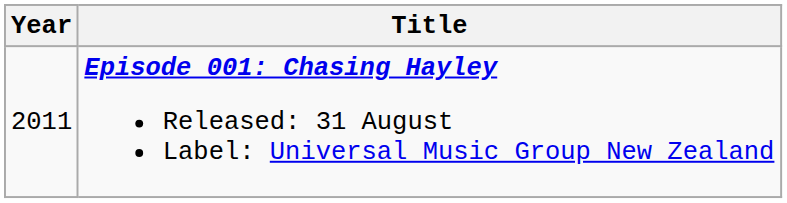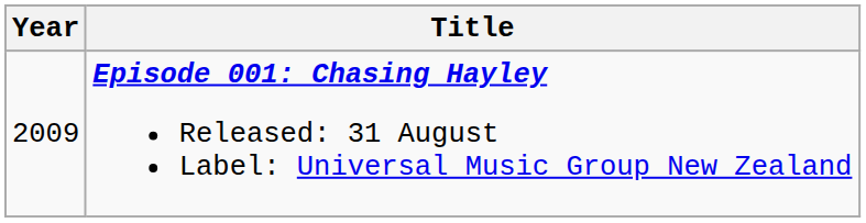 <table class="wikitable">
 <tr>
 <th>Year</th>
 <th>Title</th>
 </tr>
 <tr>
-<td>2011</td>
+<td>2009</td>
 <td><strong><em><a href='#'>Episode 001: Chasing Hayley</a></em></strong><br><ul><li>Released: 31 August</li><li>Label: <a href='#'>Universal Music Group New Zealand</a></li></ul></td>
 </tr>
 </table>
